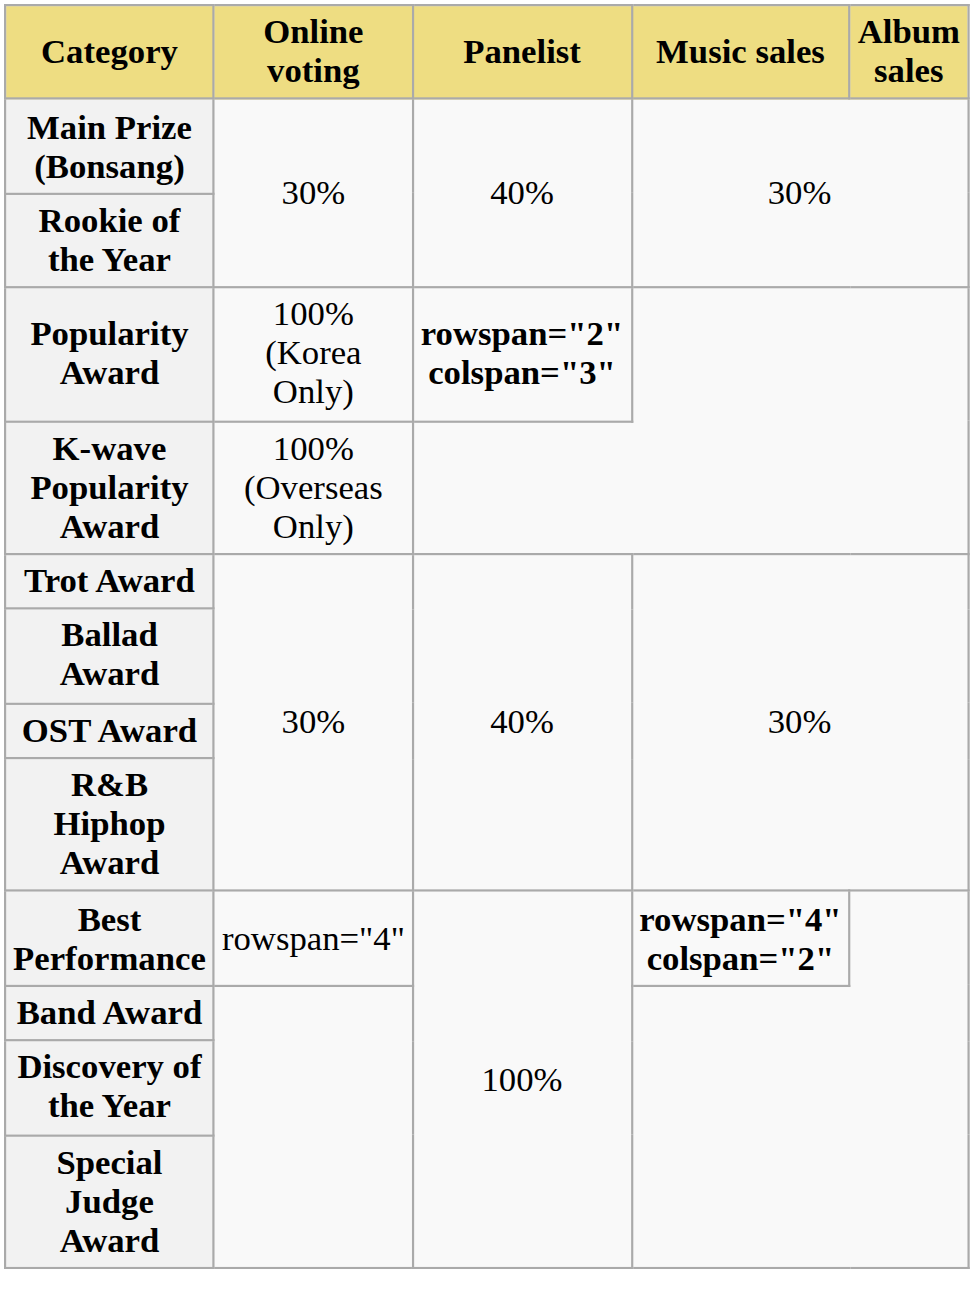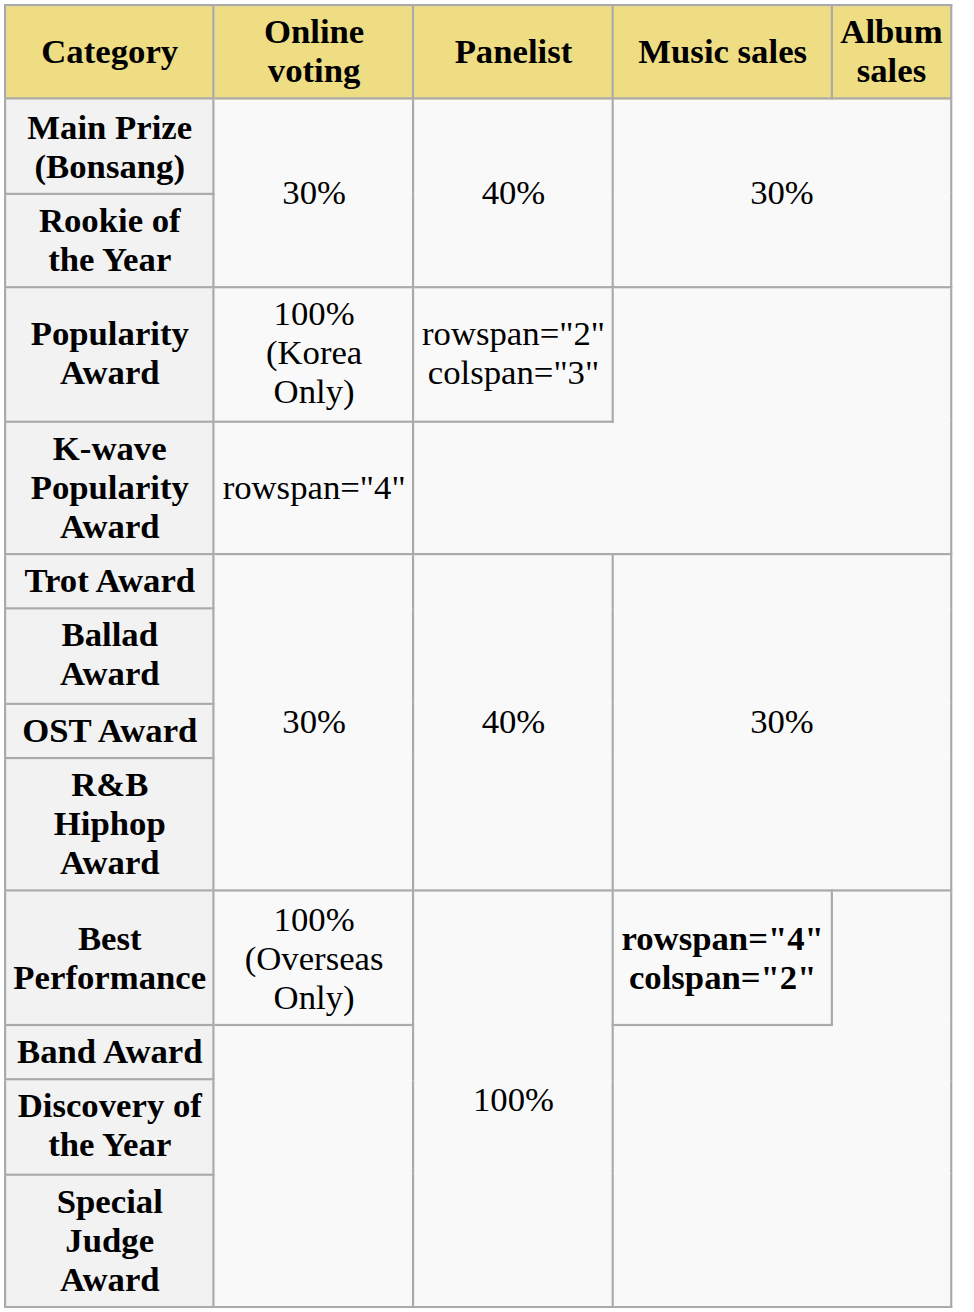 <table class="wikitable" style="text-align:center; width:70%">
 <tr>
 <th scope="col" style="background:#EEDD82">Category</th>
 <th scope="col" style="background:#EEDD82">Online voting</th>
 <th scope="col" style="background:#EEDD82">Panelist</th>
 <th scope="col" style="background:#EEDD82">Music sales</th>
 <th scope="col" style="background:#EEDD82">Album sales</th>
 </tr>
 <tr>
 <th scope="col">Main Prize (Bonsang)</th>
 <td rowspan="2">30%</td>
 <td rowspan="2">40%</td>
 <td rowspan="2" colspan="2">30%</td>
 </tr>
 <tr>
 <th scope="col">Rookie of the Year</th>
 </tr>
 <tr>
 <th scope="col">Popularity Award</th>
 <td>100% (Korea Only)</td>
-<td><strong>rowspan="2" colspan="3" </strong></td>
+<td>rowspan="2" colspan="3" </td>
 </tr>
 <tr>
 <th scope="col">K-wave Popularity Award</th>
-<td>100% (Overseas Only)</td>
+<td>rowspan="4" </td>
 </tr>
 <tr>
 <th scope="col">Trot Award</th>
 <td rowspan="4">30%</td>
 <td rowspan="4">40%</td>
 <td rowspan="4" colspan="2">30%</td>
 </tr>
 <tr>
 <th scope="col">Ballad Award</th>
 </tr>
 <tr>
 <th scope="col">OST Award</th>
 </tr>
 <tr>
 <th scope="col">R&B Hiphop Award</th>
 </tr>
 <tr>
 <th scope="col">Best Performance</th>
-<td>rowspan="4" </td>
+<td>100% (Overseas Only)</td>
 <td rowspan="4">100%</td>
 <td><strong>rowspan="4" colspan="2" </strong></td>
 </tr>
 <tr>
 <th scope="col">Band Award</th>
 </tr>
 <tr>
 <th scope="col">Discovery of the Year</th>
 </tr>
 <tr>
 <th scope="col">Special Judge Award</th>
 </tr>
 </table>
